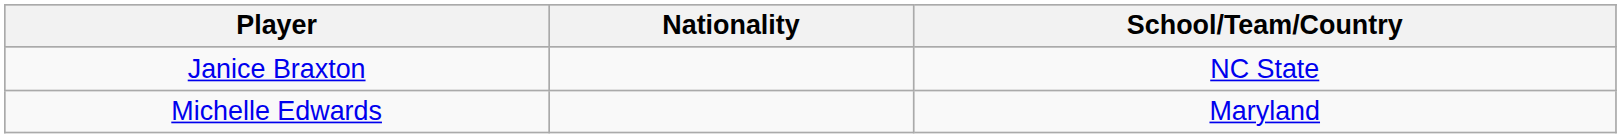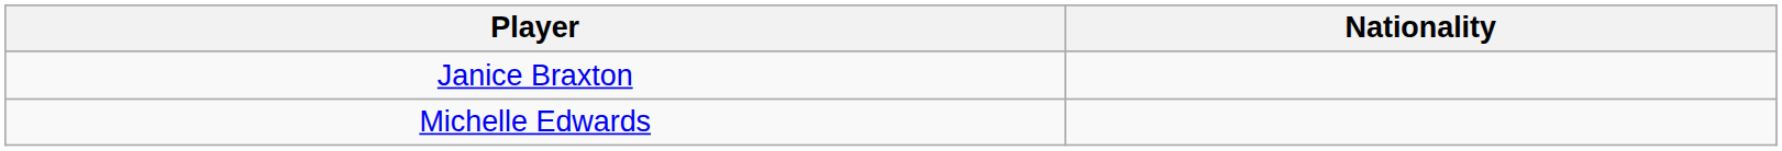 <table class="wikitable" style="text-align:center; width:60em">
 <tr>
 <th>Player</th>
 <th>Nationality</th>
-<th>School/Team/Country</th>
 </tr>
 <tr>
 <td><a href='#'>Janice Braxton</a></td>
 <td></td>
-<td><a href='#'>NC State</a></td>
 </tr>
 <tr>
 <td><a href='#'>Michelle Edwards</a></td>
 <td></td>
-<td><a href='#'>Maryland</a></td>
 </tr>
 </table>
